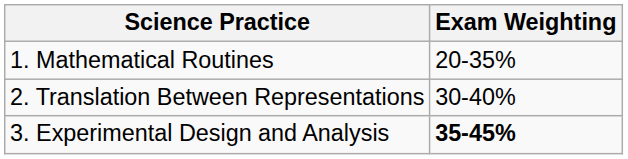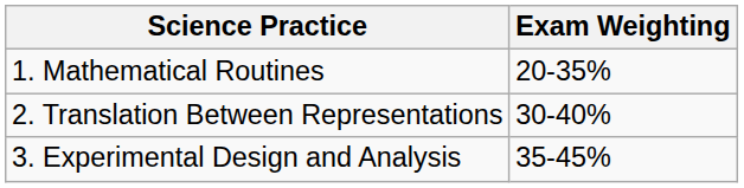 <table class="wikitable">
 <tr>
 <th>Science Practice</th>
 <th>Exam Weighting</th>
 </tr>
 <tr>
 <td>1. Mathematical Routines</td>
 <td>20-35%</td>
 </tr>
 <tr>
 <td>2. Translation Between Representations</td>
 <td>30-40%</td>
 </tr>
 <tr>
 <td>3. Experimental Design and Analysis</td>
-<td><strong>35-45%</strong></td>
+<td>35-45%</td>
 </tr>
 </table>
